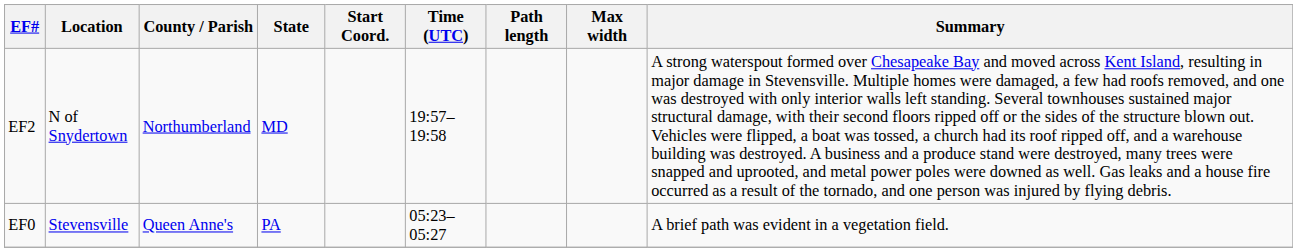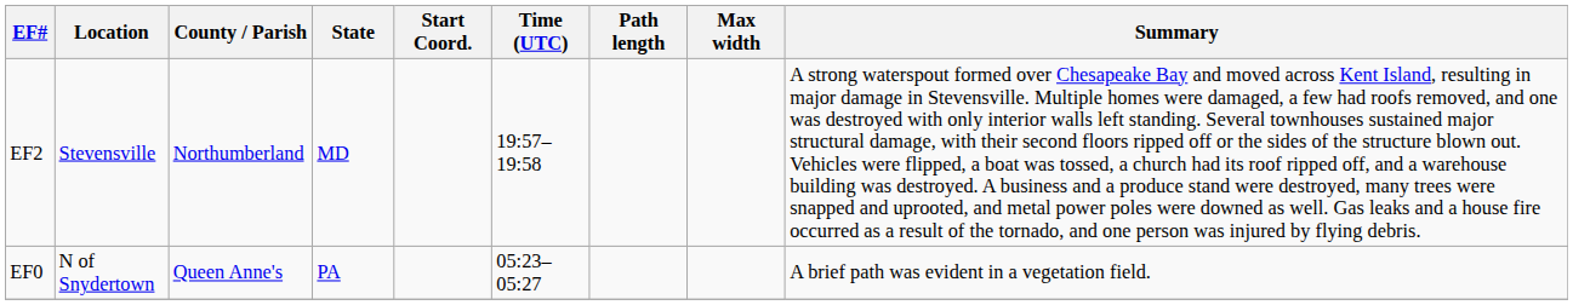 <table class="wikitable sortable" style="width:100%;">
 <tr>
 <th scope="col"  style="width:3%; text-align:center;"><a href='#'>EF#</a></th>
 <th scope="col"  style="width:7%; text-align:center;" class="unsortable">Location</th>
 <th scope="col"  style="width:6%; text-align:center;" class="unsortable">County / Parish</th>
 <th scope="col"  style="width:5%; text-align:center;">State</th>
 <th scope="col"  style="width:6%; text-align:center;">Start Coord.</th>
 <th scope="col"  style="width:6%; text-align:center;">Time (<a href='#'>UTC</a>)</th>
 <th scope="col"  style="width:6%; text-align:center;">Path length</th>
 <th scope="col"  style="width:6%; text-align:center;">Max width</th>
 <th scope="col" class="unsortable" style="width:48%; text-align:center;">Summary</th>
 </tr>
 <tr>
 <td>EF2</td>
-<td>N of <a href='#'>Snydertown</a></td>
+<td><a href='#'>Stevensville</a></td>
 <td><a href='#'>Northumberland</a></td>
 <td><a href='#'>MD</a></td>
 <td></td>
 <td>19:57–19:58</td>
 <td></td>
 <td></td>
 <td>A strong waterspout formed over <a href='#'>Chesapeake Bay</a> and moved across <a href='#'>Kent Island</a>, resulting in major damage in Stevensville. Multiple homes were damaged, a few had roofs removed, and one was destroyed with only interior walls left standing. Several townhouses sustained major structural damage, with their second floors ripped off or the sides of the structure blown out. Vehicles were flipped, a boat was tossed, a church had its roof ripped off, and a warehouse building was destroyed. A business and a produce stand were destroyed, many trees were snapped and uprooted, and metal power poles were downed as well. Gas leaks and a house fire occurred as a result of the tornado, and one person was injured by flying debris.</td>
 </tr>
 <tr>
 <td>EF0</td>
-<td><a href='#'>Stevensville</a></td>
+<td>N of <a href='#'>Snydertown</a></td>
 <td><a href='#'>Queen Anne's</a></td>
 <td><a href='#'>PA</a></td>
 <td></td>
 <td>05:23–05:27</td>
 <td></td>
 <td></td>
 <td>A brief path was evident in a vegetation field.</td>
 </tr>
 <tr>
 </tr>
 </table>
